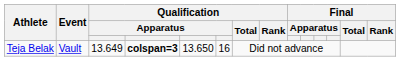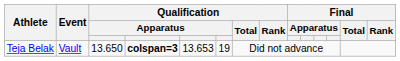 <table class="wikitable" style="font-size:90%">
 <tr>
 <th rowspan=3>Athlete</th>
 <th rowspan=3>Event</th>
 <th colspan=6>Qualification</th>
 <th colspan=6>Final</th>
 </tr>
 <tr style="font-size:95%">
 <th colspan=4>Apparatus</th>
 <th rowspan=2>Total</th>
 <th rowspan=2>Rank</th>
 <th colspan=4>Apparatus</th>
 <th rowspan=2>Total</th>
 <th rowspan=2>Rank</th>
 </tr>
 <tr style="font-size:95%">
 <th></th>
 <th></th>
 <th></th>
 <th></th>
 <th></th>
 <th></th>
 <th></th>
 <th></th>
 </tr>
 <tr align=center>
 <td align=left><a href='#'>Teja Belak</a></td>
 <td align=left><a href='#'>Vault</a></td>
-<td>13.649</td>
+<td>13.650</td>
 <td><strong>colspan=3 </strong></td>
-<td>13.650</td>
-<td>16</td>
+<td>13.653</td>
+<td>19</td>
 <td colspan=6>Did not advance</td>
 </tr>
 </table>
